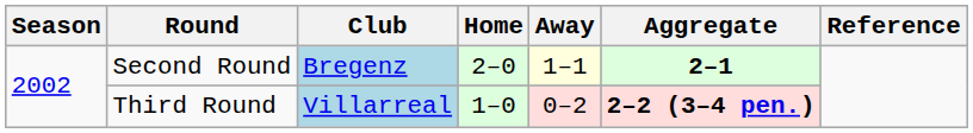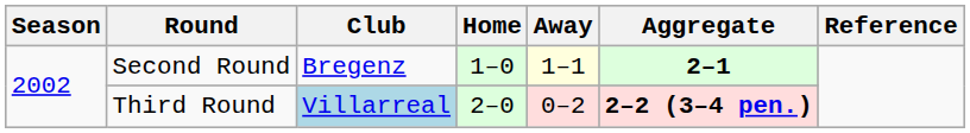 <table class="wikitable">
 <tr>
 <th>Season</th>
 <th>Round</th>
 <th>Club</th>
 <th>Home</th>
 <th>Away</th>
 <th>Aggregate</th>
 <th>Reference</th>
 </tr>
 <tr>
 <td rowspan=2><a href='#'>2002</a></td>
 <td>Second Round</td>
-<td style="background: lightblue;"> <a href='#'>Bregenz</a></td>
-<td style="text-align:center; background:#dfd;">2–0</td>
+<td> <a href='#'>Bregenz</a></td>
+<td style="text-align:center; background:#dfd;">1–0</td>
 <td style="text-align:center; background:#ffd;">1–1</td>
 <td style="text-align:center; background:#dfd;"><strong>2–1</strong></td>
 <td rowspan=2 style="text-align:center;"></td>
 </tr>
 <tr>
 <td>Third Round</td>
 <td style="background: lightblue;"> <a href='#'>Villarreal</a></td>
-<td style="text-align:center; background:#dfd;">1–0</td>
+<td style="text-align:center; background:#dfd;">2–0</td>
 <td style="text-align:center; background:#fdd;">0–2</td>
 <td style="text-align:center; background:#fdd;"><strong>2–2 (3–4 <a href='#'>pen.</a>)</strong></td>
 </tr>
 </table>
